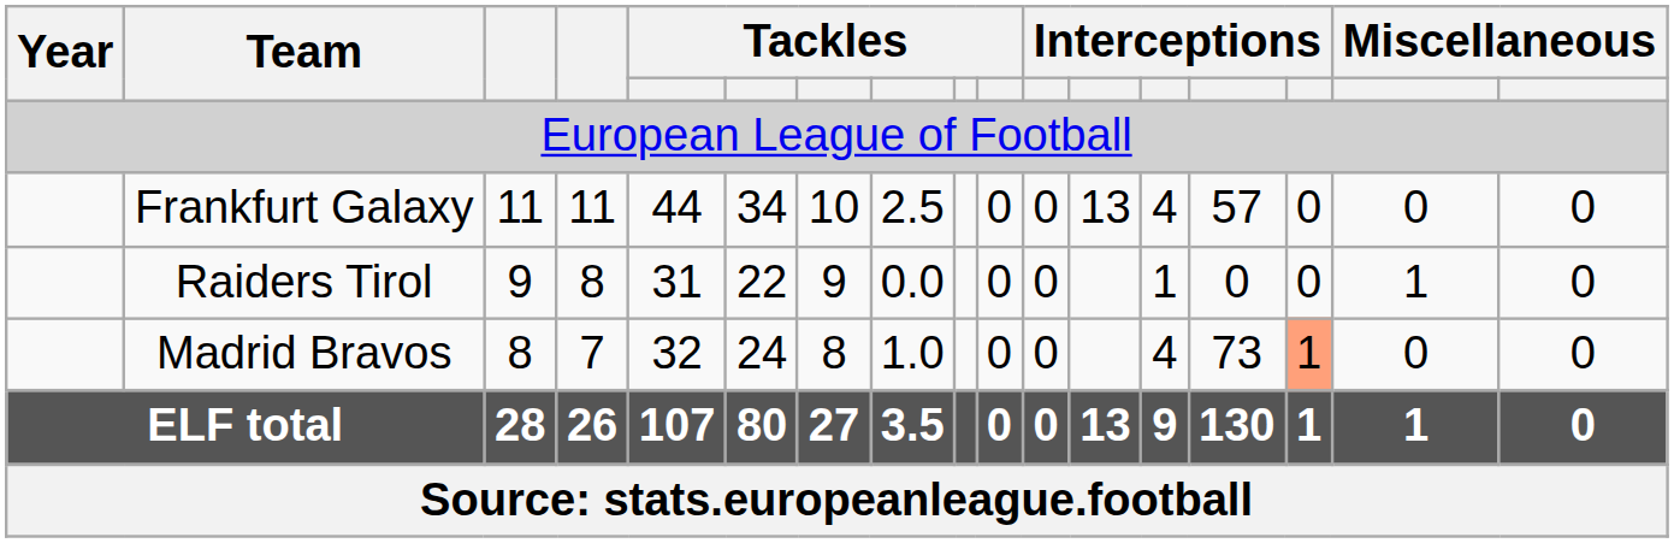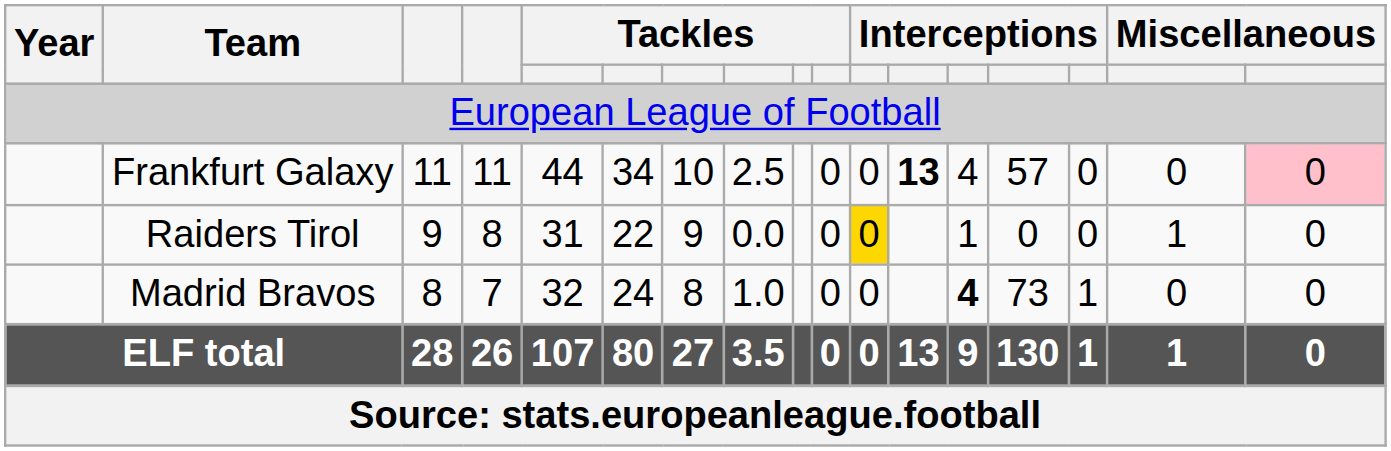 <table class="wikitable" style="text-align: center;">
 <tr>
 <th rowspan="2">Year</th>
 <th rowspan="2">Team</th>
 <th rowspan="2"></th>
 <th rowspan="2"></th>
 <th colspan="6">Tackles</th>
 <th colspan="5">Interceptions</th>
 <th colspan="2">Miscellaneous</th>
 </tr>
 <tr>
 <th></th>
 <th></th>
 <th></th>
 <th></th>
 <th></th>
 <th></th>
 <th></th>
 <th></th>
 <th></th>
 <th></th>
 <th></th>
 <th></th>
 <th></th>
 </tr>
 <tr>
 <td colspan="17" style="background-color:#D1D1D1"><a href='#'>European League of Football</a> </td>
 </tr>
 <tr>
 <td></td>
 <td>Frankfurt Galaxy</td>
 <td>11</td>
 <td>11</td>
 <td>44</td>
 <td>34</td>
 <td>10</td>
 <td>2.5</td>
 <td></td>
 <td>0</td>
 <td>0</td>
-<td>13</td>
+<td><strong>13</strong></td>
 <td>4</td>
 <td>57</td>
 <td>0</td>
 <td>0</td>
-<td>0</td>
+<td style="background: pink;">0</td>
 </tr>
 <tr>
 <td></td>
 <td>Raiders Tirol</td>
 <td>9</td>
 <td>8</td>
 <td>31</td>
 <td>22</td>
 <td>9</td>
 <td>0.0</td>
 <td></td>
 <td>0</td>
-<td>0</td>
+<td style="background: gold;">0</td>
 <td></td>
 <td>1</td>
 <td>0</td>
 <td>0</td>
 <td>1</td>
 <td>0</td>
 </tr>
 <tr>
 <td></td>
 <td>Madrid Bravos</td>
 <td>8</td>
 <td>7</td>
 <td>32</td>
 <td>24</td>
 <td>8</td>
 <td>1.0</td>
 <td></td>
 <td>0</td>
 <td>0</td>
 <td></td>
-<td>4</td>
+<td><strong>4</strong></td>
 <td>73</td>
-<td style="background: lightsalmon;">1</td>
+<td>1</td>
 <td>0</td>
 <td>0</td>
 </tr>
 <tr style="background:#555555; font-weight:bold; color:white;">
 <td colspan="2">ELF total</td>
 <td>28</td>
 <td>26</td>
 <td>107</td>
 <td>80</td>
 <td>27</td>
 <td>3.5</td>
 <td></td>
 <td>0</td>
 <td>0</td>
 <td>13</td>
 <td>9</td>
 <td>130</td>
 <td>1</td>
 <td>1</td>
 <td>0</td>
 </tr>
 <tr>
 <th colspan="17">Source: stats.europeanleague.football</th>
 </tr>
 </table>
